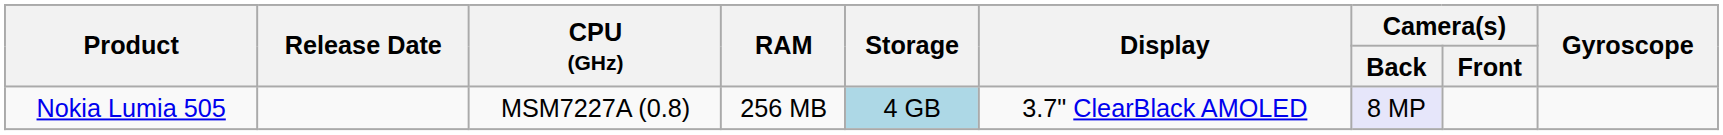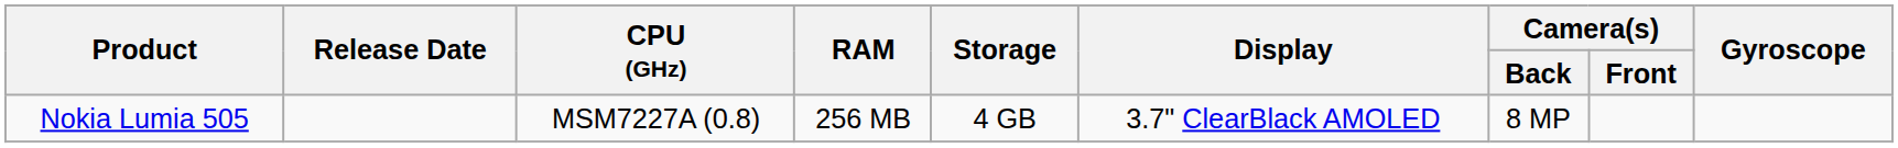 <table class="wikitable sortable" style="font-size: small; text-align: center; width: 100%;">
 <tr>
 <th rowspan="2">Product</th>
 <th rowspan="2">Release Date</th>
 <th rowspan="2">CPU<br><small>(GHz)</small></th>
 <th rowspan="2">RAM</th>
 <th rowspan="2">Storage</th>
 <th rowspan="2">Display</th>
 <th colspan="2">Camera(s)</th>
 <th rowspan="2">Gyroscope</th>
 </tr>
 <tr>
 <th>Back</th>
 <th>Front</th>
 </tr>
 <tr>
 <td><a href='#'>Nokia Lumia 505</a></td>
 <td></td>
 <td>MSM7227A (0.8)</td>
 <td>256 MB</td>
-<td style="background: lightblue;">4 GB</td>
+<td>4 GB</td>
 <td>3.7" <a href='#'>ClearBlack AMOLED</a></td>
-<td style="background: lavender;">8 MP</td>
+<td>8 MP</td>
 <td></td>
 <td></td>
 </tr>
 </table>
